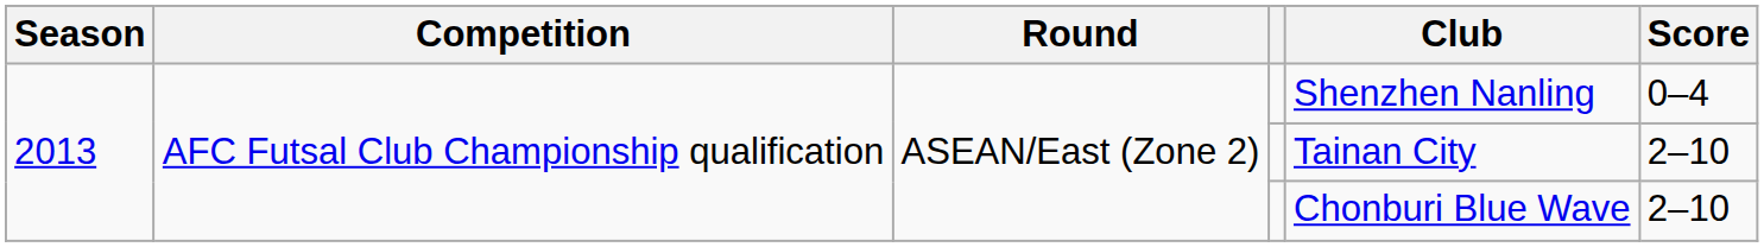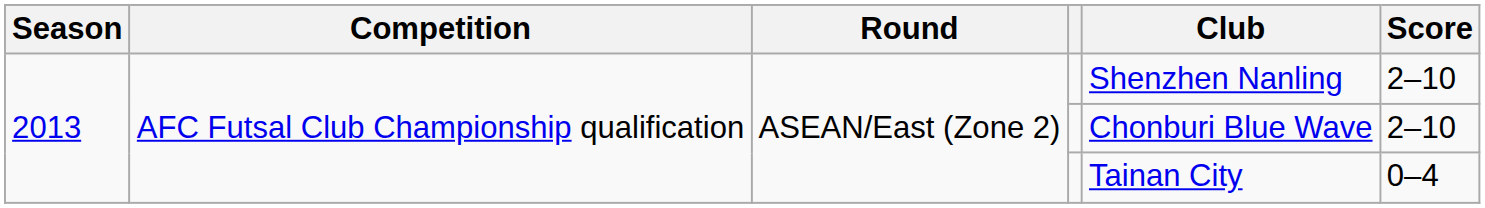 <table class="wikitable">
 <tr>
 <th>Season</th>
 <th>Competition</th>
 <th>Round</th>
 <th></th>
 <th>Club</th>
 <th>Score</th>
 </tr>
 <tr>
 <td rowspan=3><a href='#'>2013</a></td>
 <td rowspan=3><a href='#'>AFC Futsal Club Championship</a> qualification</td>
 <td rowspan=3>ASEAN/East (Zone 2)</td>
 <td></td>
 <td><a href='#'>Shenzhen Nanling</a></td>
-<td>0–4</td>
-</tr>
-<tr>
-<td></td>
-<td><a href='#'>Tainan City</a></td>
 <td>2–10</td>
 </tr>
 <tr>
 <td></td>
 <td><a href='#'>Chonburi Blue Wave</a></td>
 <td>2–10</td>
 </tr>
+<tr>
+<td></td>
+<td><a href='#'>Tainan City</a></td>
+<td>0–4</td>
+</tr>
 </table>
